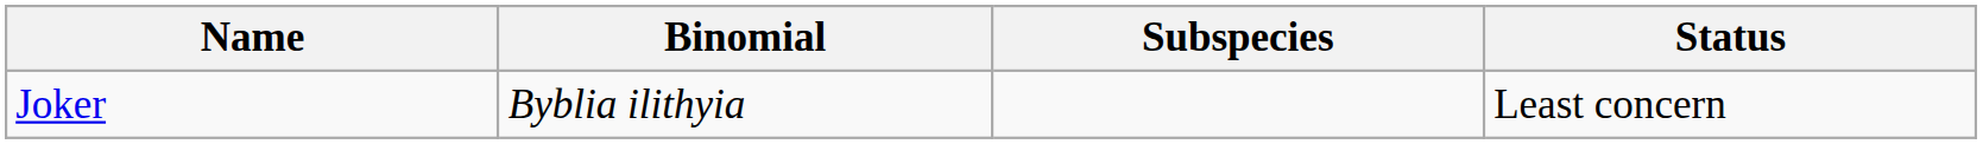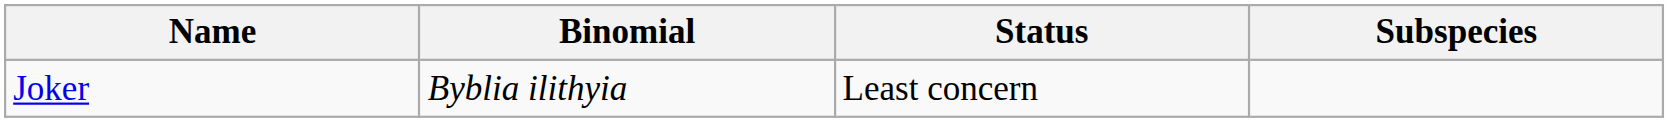 <table width=60% class="wikitable">
 <tr>
 <th width=20%>Name</th>
 <th width=20%>Binomial</th>
+<th width=20%>Status</th>
 <th width=20%>Subspecies</th>
-<th width=20%>Status</th>
 </tr>
 <tr>
 <td><a href='#'>Joker</a><br> </td>
 <td><em>Byblia ilithyia</em></td>
+<td>Least concern</td>
 <td></td>
-<td>Least concern</td>
 </tr>
 </table>
